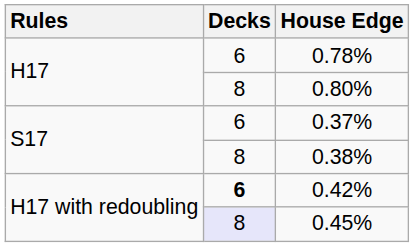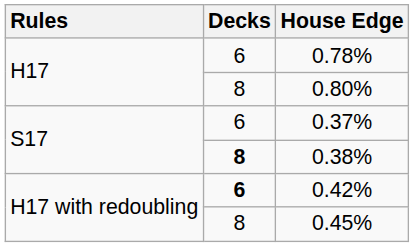 <table border="1" class="wikitable" align="center" style="margin: 1em auto 1em auto; text-align: center">
 <tr>
 <th style="text-align:left">Rules</th>
 <th>Decks</th>
 <th>House Edge</th>
 </tr>
 <tr>
 <td style="text-align:left" rowspan="2">H17</td>
 <td>6</td>
 <td>0.78%</td>
 </tr>
 <tr>
 <td>8</td>
 <td>0.80%</td>
 </tr>
 <tr>
 <td style="text-align:left" rowspan="2">S17</td>
 <td>6</td>
 <td>0.37%</td>
 </tr>
 <tr>
-<td>8</td>
+<td><strong>8</strong></td>
 <td>0.38%</td>
 </tr>
 <tr>
 <td style="text-align:left" rowspan="2">H17 with redoubling</td>
 <td><strong>6</strong></td>
 <td>0.42%</td>
 </tr>
 <tr>
-<td style="background: lavender;">8</td>
+<td>8</td>
 <td>0.45%</td>
 </tr>
 </table>
